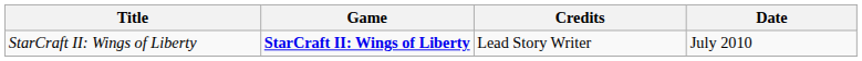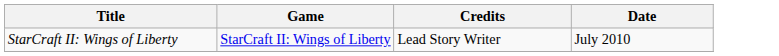 <table class="wikitable sortable" style="margins:auto; width=95%; font-size: 95%;">
 <tr>
 <th width="30%">Title</th>
 <th width="25%">Game</th>
 <th width="25%">Credits</th>
 <th width="20%">Date</th>
 </tr>
 <tr>
 <td><em>StarCraft II: Wings of Liberty</em></td>
-<td><strong><a href='#'>StarCraft II: Wings of Liberty</a></strong></td>
+<td><a href='#'>StarCraft II: Wings of Liberty</a></td>
 <td>Lead Story Writer</td>
 <td>July 2010</td>
 </tr>
 <tr>
 </tr>
 </table>
